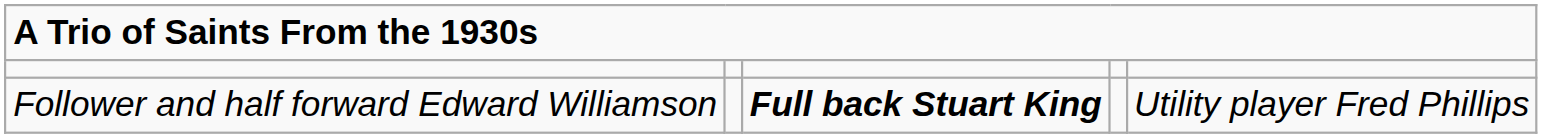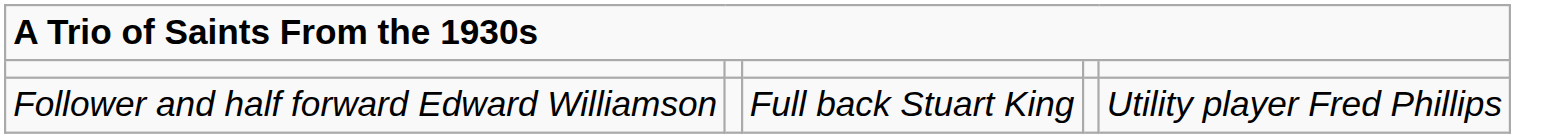 <table class="wikitable">
 <tr>
 <td colspan="5"><strong>A Trio of Saints From the 1930s</strong></td>
 </tr>
 <tr>
 <td></td>
 <td></td>
 <td></td>
 <td></td>
 <td></td>
 </tr>
 <tr>
 <td><em>Follower and half forward Edward Williamson</em></td>
 <td></td>
-<td><strong><em>Full back Stuart King</em></strong></td>
+<td><em>Full back Stuart King</em></td>
 <td></td>
 <td><em>Utility player Fred Phillips</em></td>
 </tr>
 </table>
